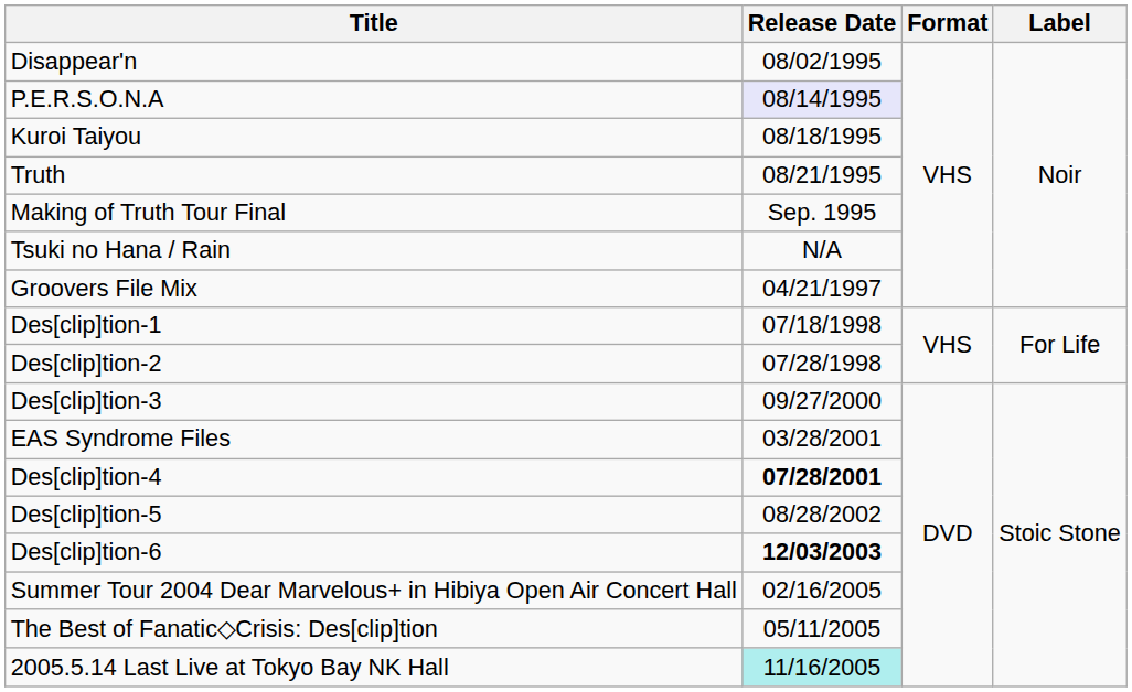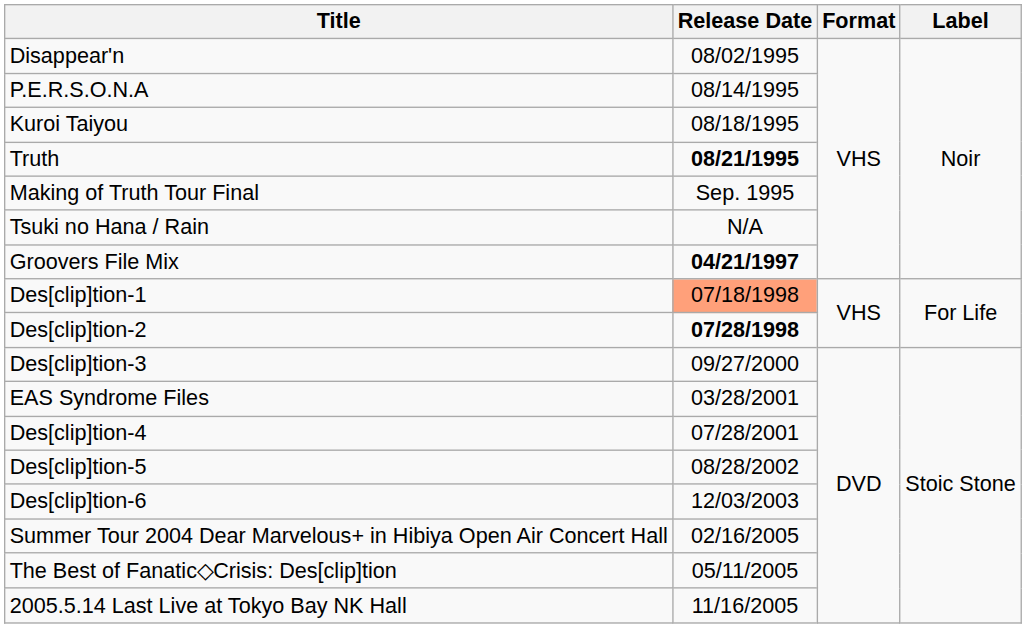 <table class="wikitable">
 <tr>
 <th>Title</th>
 <th>Release Date</th>
 <th>Format</th>
 <th>Label</th>
 </tr>
 <tr>
 <td>Disappear'n</td>
 <td style="text-align:center">08/02/1995</td>
 <td rowspan="7" style="text-align:center">VHS</td>
 <td rowspan="7" style="text-align:center">Noir</td>
 </tr>
 <tr>
 <td>P.E.R.S.O.N.A</td>
-<td style="background: lavender; text-align:center">08/14/1995</td>
+<td style="text-align:center">08/14/1995</td>
 </tr>
 <tr>
 <td>Kuroi Taiyou</td>
 <td style="text-align:center">08/18/1995</td>
 </tr>
 <tr>
 <td>Truth</td>
-<td style="text-align:center">08/21/1995</td>
+<td style="text-align:center"><strong>08/21/1995</strong></td>
 </tr>
 <tr>
 <td>Making of Truth Tour Final</td>
 <td style="text-align:center">Sep. 1995</td>
 </tr>
 <tr>
 <td>Tsuki no Hana / Rain</td>
 <td style="text-align:center">N/A</td>
 </tr>
 <tr>
 <td>Groovers File Mix</td>
-<td style="text-align:center">04/21/1997</td>
+<td style="text-align:center"><strong>04/21/1997</strong></td>
 </tr>
 <tr>
 <td>Des[clip]tion-1</td>
-<td style="text-align:center">07/18/1998</td>
+<td style="background: lightsalmon; text-align:center">07/18/1998</td>
 <td rowspan="2" style="text-align:center">VHS</td>
 <td rowspan="2" style="text-align:center">For Life</td>
 </tr>
 <tr>
 <td>Des[clip]tion-2</td>
-<td style="text-align:center">07/28/1998</td>
+<td style="text-align:center"><strong>07/28/1998</strong></td>
 </tr>
 <tr>
 <td>Des[clip]tion-3</td>
 <td style="text-align:center">09/27/2000</td>
 <td rowspan="8" style="text-align:center">DVD</td>
 <td rowspan="8" style="text-align:center">Stoic Stone</td>
 </tr>
 <tr>
 <td>EAS Syndrome Files</td>
 <td style="text-align:center">03/28/2001</td>
 </tr>
 <tr>
 <td>Des[clip]tion-4</td>
-<td style="text-align:center"><strong>07/28/2001</strong></td>
+<td style="text-align:center">07/28/2001</td>
 </tr>
 <tr>
 <td>Des[clip]tion-5</td>
 <td style="text-align:center">08/28/2002</td>
 </tr>
 <tr>
 <td>Des[clip]tion-6</td>
-<td style="text-align:center"><strong>12/03/2003</strong></td>
+<td style="text-align:center">12/03/2003</td>
 </tr>
 <tr>
 <td>Summer Tour 2004 Dear Marvelous+ in Hibiya Open Air Concert Hall</td>
 <td style="text-align:center">02/16/2005</td>
 </tr>
 <tr>
 <td>The Best of Fanatic◇Crisis: Des[clip]tion</td>
 <td style="text-align:center">05/11/2005</td>
 </tr>
 <tr>
 <td>2005.5.14 Last Live at Tokyo Bay NK Hall</td>
-<td style="background: paleturquoise; text-align:center">11/16/2005</td>
+<td style="text-align:center">11/16/2005</td>
 </tr>
 </table>
